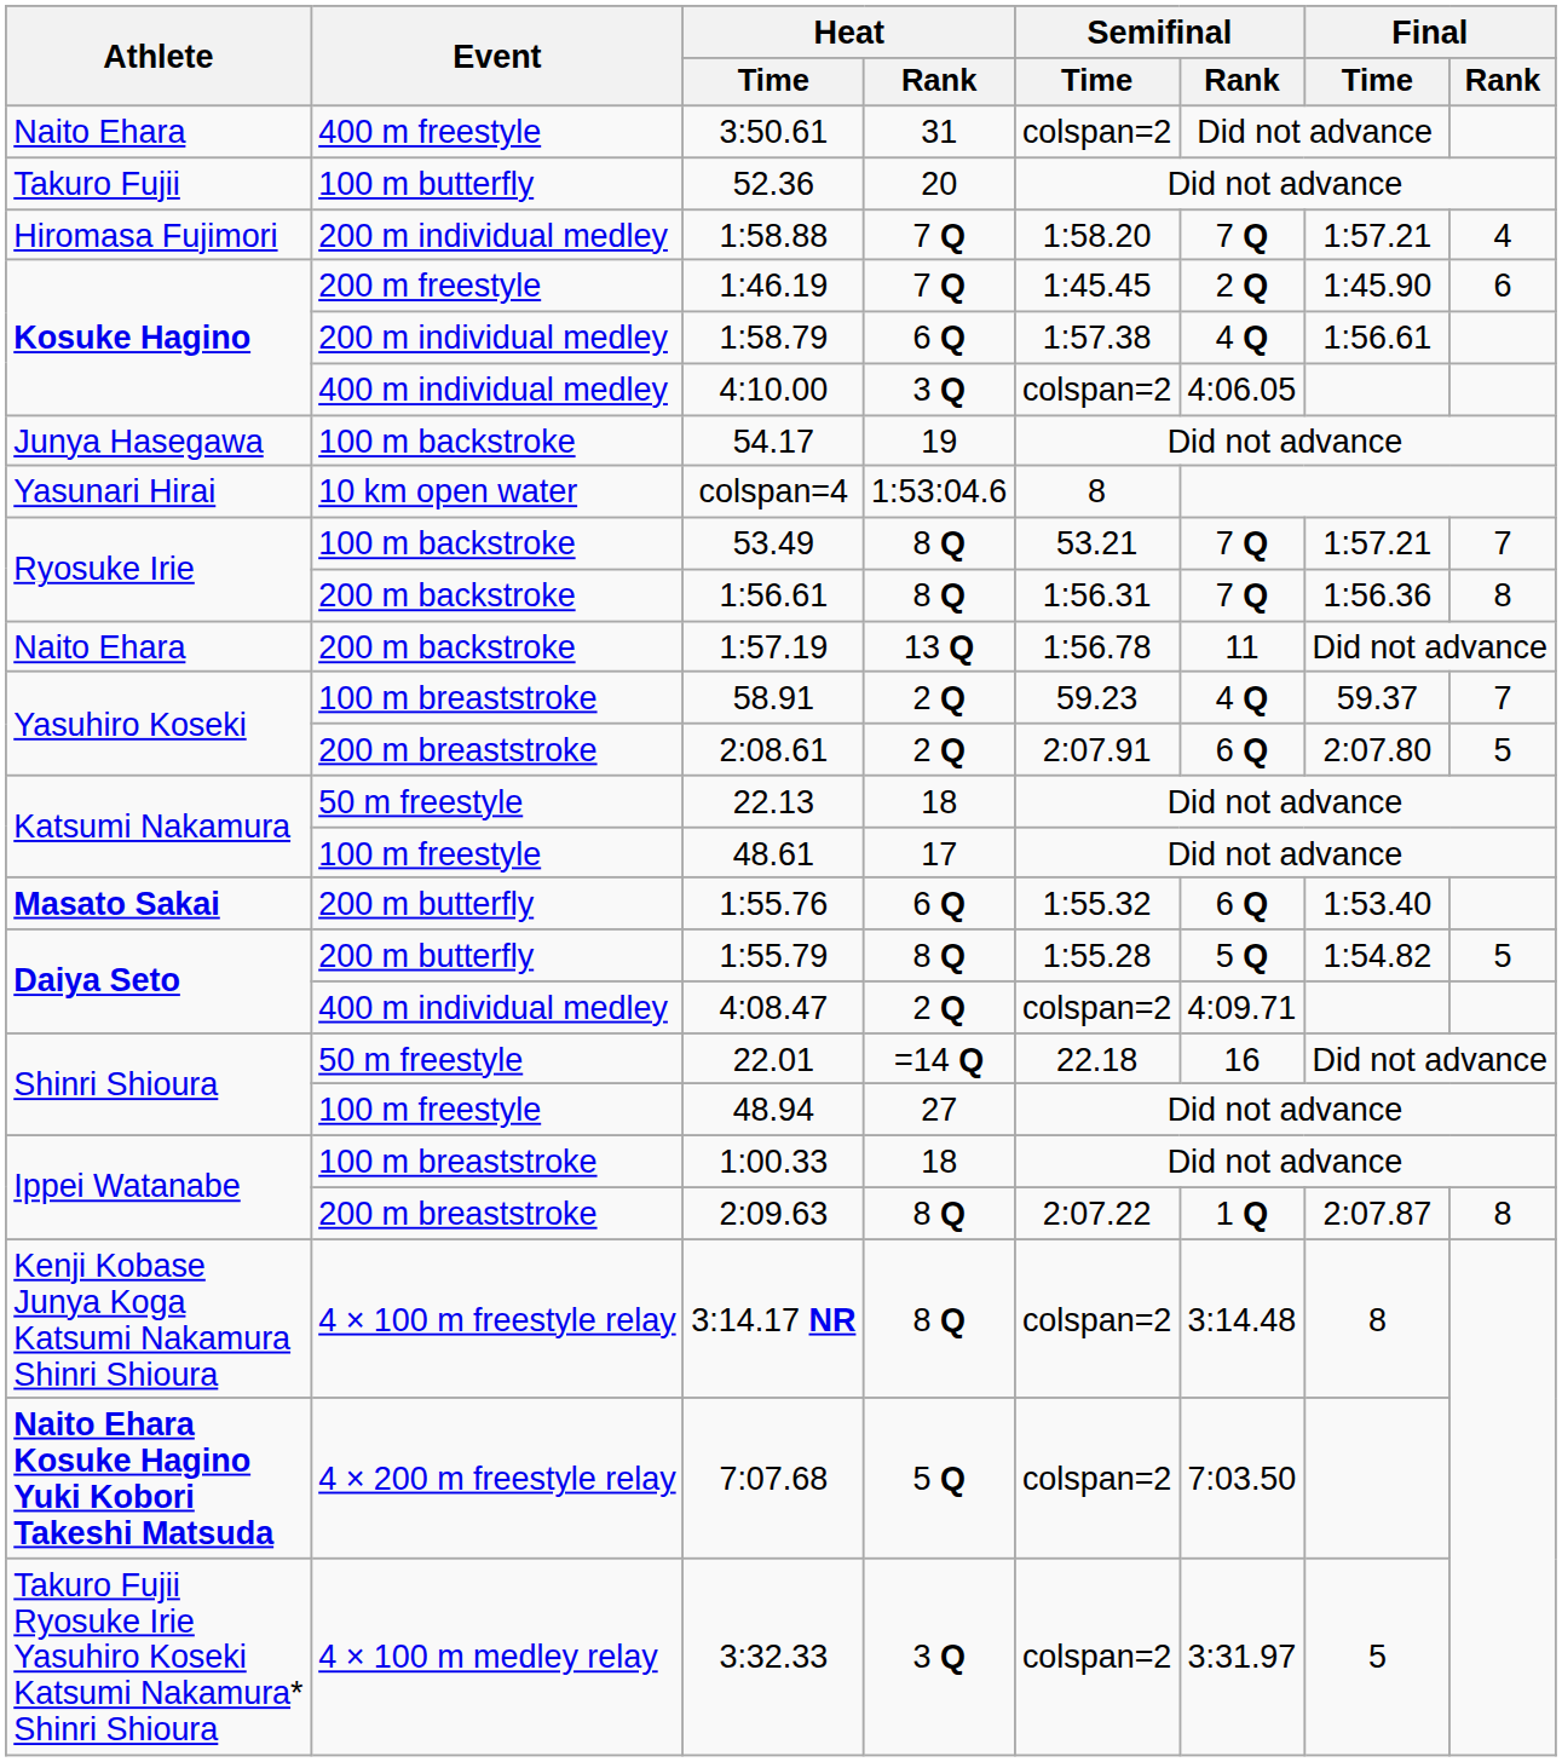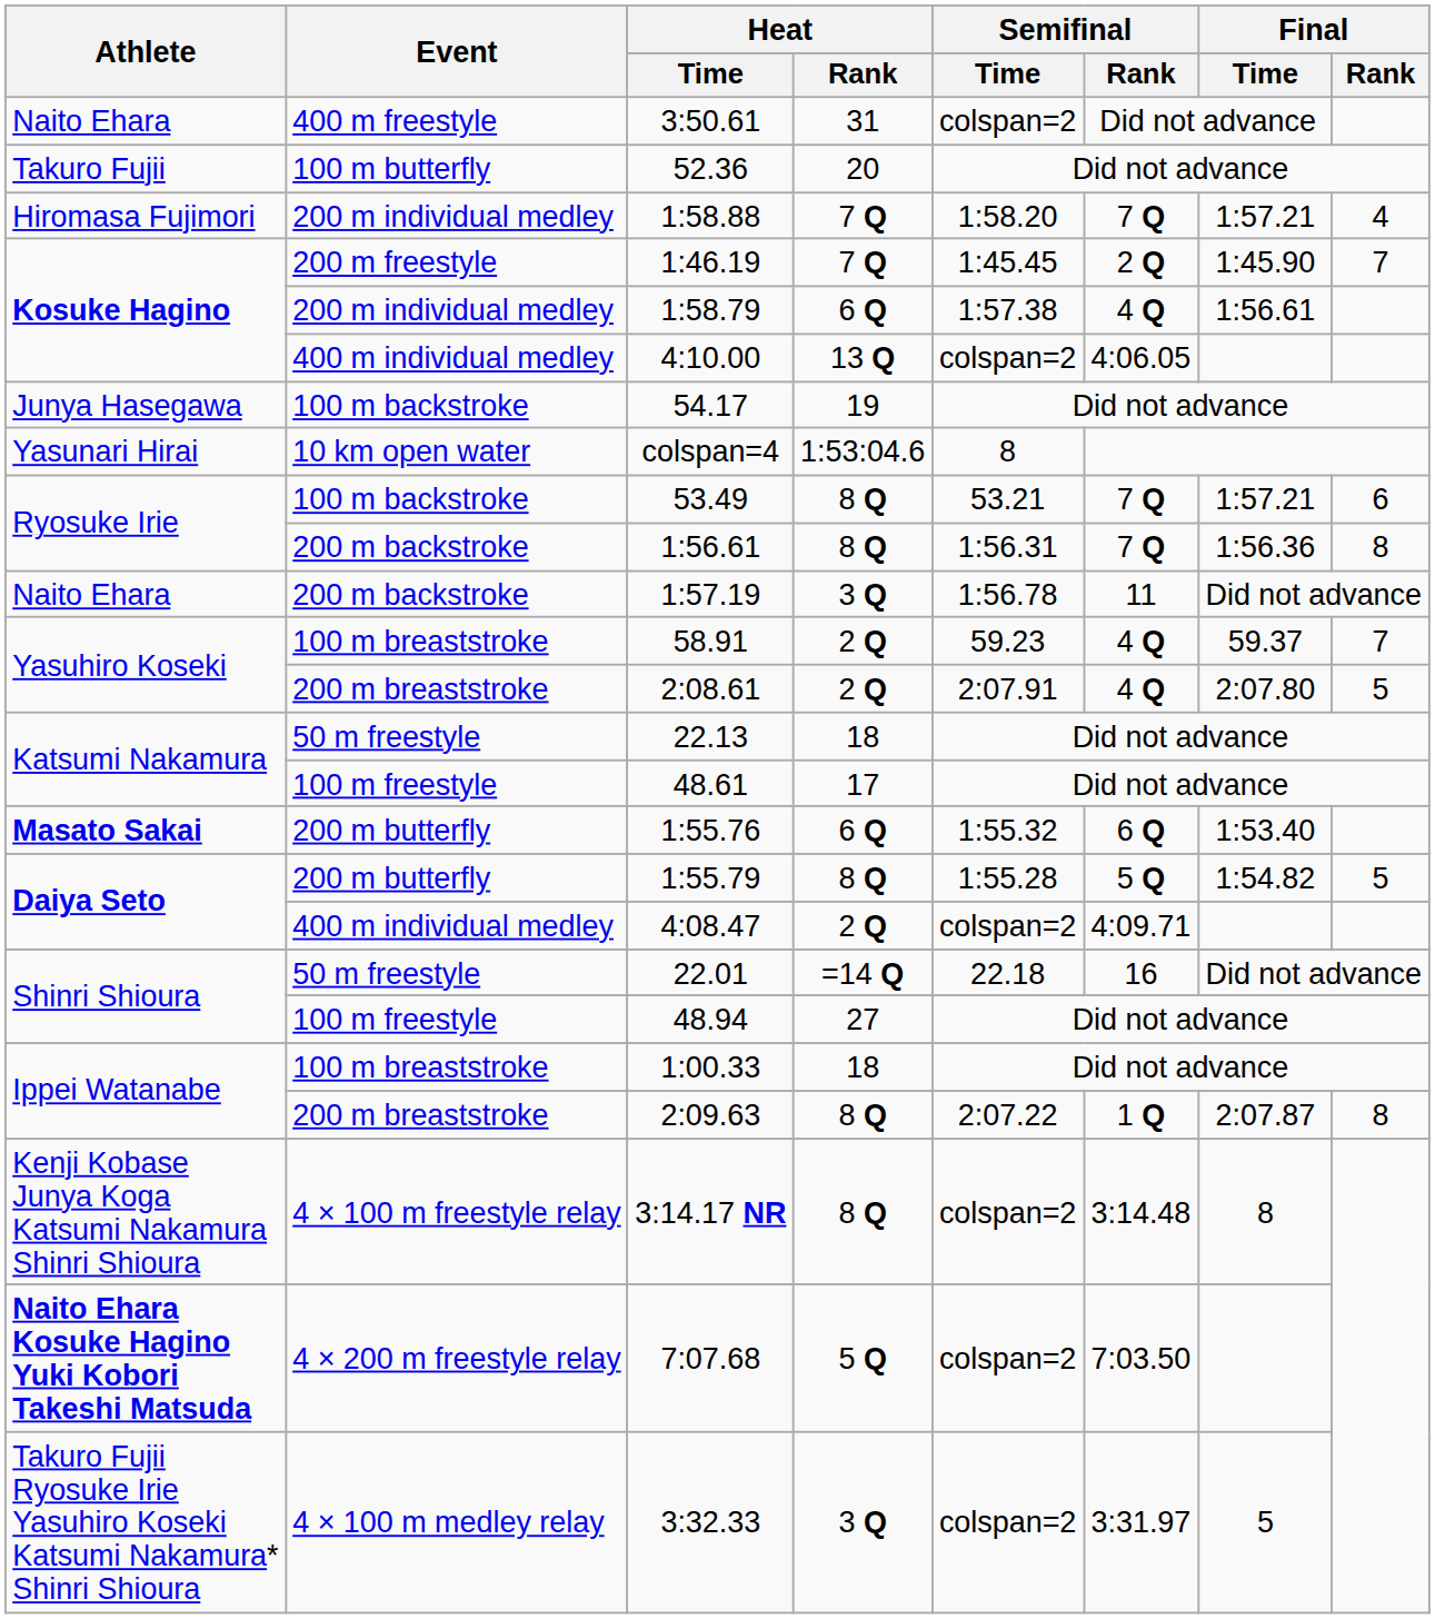 <table class=wikitable style="font-size:90%">
 <tr>
 <th rowspan="2">Athlete</th>
 <th rowspan="2">Event</th>
 <th colspan="2">Heat</th>
 <th colspan="2">Semifinal</th>
 <th colspan="2">Final</th>
 </tr>
 <tr style="font-size:95%">
 <th>Time</th>
 <th>Rank</th>
 <th>Time</th>
 <th>Rank</th>
 <th>Time</th>
 <th>Rank</th>
 </tr>
 <tr align=center>
 <td align=left><a href='#'>Naito Ehara</a></td>
 <td align=left><a href='#'>400 m freestyle</a></td>
 <td>3:50.61</td>
 <td>31</td>
 <td>colspan=2 </td>
 <td colspan=2>Did not advance</td>
 </tr>
 <tr align=center>
 <td align=left><a href='#'>Takuro Fujii</a></td>
 <td align=left><a href='#'>100 m butterfly</a></td>
 <td>52.36</td>
 <td>20</td>
 <td colspan=4>Did not advance</td>
 </tr>
 <tr align=center>
 <td align=left><a href='#'>Hiromasa Fujimori</a></td>
 <td align=left><a href='#'>200 m individual medley</a></td>
 <td>1:58.88</td>
 <td>7 <strong>Q</strong></td>
 <td>1:58.20</td>
 <td>7 <strong>Q</strong></td>
 <td>1:57.21</td>
 <td>4</td>
 </tr>
 <tr align=center>
 <td align=left rowspan=3><strong><a href='#'>Kosuke Hagino</a></strong></td>
 <td align=left><a href='#'>200 m freestyle</a></td>
 <td>1:46.19</td>
 <td>7 <strong>Q</strong></td>
 <td>1:45.45</td>
 <td>2 <strong>Q</strong></td>
 <td>1:45.90</td>
-<td>6</td>
+<td>7</td>
 </tr>
 <tr align=center>
 <td align=left><a href='#'>200 m individual medley</a></td>
 <td>1:58.79</td>
 <td>6 <strong>Q</strong></td>
 <td>1:57.38</td>
 <td>4 <strong>Q</strong></td>
 <td>1:56.61</td>
 <td></td>
 </tr>
 <tr align=center>
 <td align=left><a href='#'>400 m individual medley</a></td>
 <td>4:10.00</td>
-<td>3 <strong>Q</strong></td>
+<td>13 <strong>Q</strong></td>
 <td>colspan=2 </td>
 <td>4:06.05</td>
 <td></td>
 </tr>
 <tr align=center>
 <td align=left><a href='#'>Junya Hasegawa</a></td>
 <td align=left><a href='#'>100 m backstroke</a></td>
 <td>54.17</td>
 <td>19</td>
 <td colspan=4>Did not advance</td>
 </tr>
 <tr align=center>
 <td align=left><a href='#'>Yasunari Hirai</a></td>
 <td align=left><a href='#'>10 km open water</a></td>
 <td>colspan=4 </td>
 <td>1:53:04.6</td>
 <td>8</td>
 </tr>
 <tr align=center>
 <td align=left rowspan=2><a href='#'>Ryosuke Irie</a></td>
 <td align=left><a href='#'>100 m backstroke</a></td>
 <td>53.49</td>
 <td>8 <strong>Q</strong></td>
 <td>53.21</td>
 <td>7 <strong>Q</strong></td>
 <td>1:57.21</td>
-<td>7</td>
+<td>6</td>
 </tr>
 <tr align=center>
 <td align=left><a href='#'>200 m backstroke</a></td>
 <td>1:56.61</td>
 <td>8 <strong>Q</strong></td>
 <td>1:56.31</td>
 <td>7 <strong>Q</strong></td>
 <td>1:56.36</td>
 <td>8</td>
 </tr>
 <tr align=center>
 <td align=left><a href='#'>Naito Ehara</a></td>
 <td align=left><a href='#'>200 m backstroke</a></td>
 <td>1:57.19</td>
-<td>13 <strong>Q</strong></td>
+<td>3 <strong>Q</strong></td>
 <td>1:56.78</td>
 <td>11</td>
 <td colspan=2>Did not advance</td>
 </tr>
 <tr align=center>
 <td align=left rowspan=2><a href='#'>Yasuhiro Koseki</a></td>
 <td align=left><a href='#'>100 m breaststroke</a></td>
 <td>58.91</td>
 <td>2 <strong>Q</strong></td>
 <td>59.23</td>
 <td>4 <strong>Q</strong></td>
 <td>59.37</td>
 <td>7</td>
 </tr>
 <tr align=center>
 <td align=left><a href='#'>200 m breaststroke</a></td>
 <td>2:08.61</td>
 <td>2 <strong>Q</strong></td>
 <td>2:07.91</td>
-<td>6 <strong>Q</strong></td>
+<td>4 <strong>Q</strong></td>
 <td>2:07.80</td>
 <td>5</td>
 </tr>
 <tr align=center>
 <td align=left rowspan=2><a href='#'>Katsumi Nakamura</a></td>
 <td align=left><a href='#'>50 m freestyle</a></td>
 <td>22.13</td>
 <td>18</td>
 <td colspan=4>Did not advance</td>
 </tr>
 <tr align=center>
 <td align=left><a href='#'>100 m freestyle</a></td>
 <td>48.61</td>
 <td>17</td>
 <td colspan=4>Did not advance</td>
 </tr>
 <tr align=center>
 <td align=left><strong><a href='#'>Masato Sakai</a></strong></td>
 <td align=left><a href='#'>200 m butterfly</a></td>
 <td>1:55.76</td>
 <td>6 <strong>Q</strong></td>
 <td>1:55.32</td>
 <td>6 <strong>Q</strong></td>
 <td>1:53.40</td>
 <td></td>
 </tr>
 <tr align=center>
 <td align=left rowspan=2><strong><a href='#'>Daiya Seto</a></strong></td>
 <td align=left><a href='#'>200 m butterfly</a></td>
 <td>1:55.79</td>
 <td>8 <strong>Q</strong></td>
 <td>1:55.28</td>
 <td>5 <strong>Q</strong></td>
 <td>1:54.82</td>
 <td>5</td>
 </tr>
 <tr align=center>
 <td align=left><a href='#'>400 m individual medley</a></td>
 <td>4:08.47</td>
 <td>2 <strong>Q</strong></td>
 <td>colspan=2 </td>
 <td>4:09.71</td>
 <td></td>
 </tr>
 <tr align=center>
 <td align=left rowspan=2><a href='#'>Shinri Shioura</a></td>
 <td align=left><a href='#'>50 m freestyle</a></td>
 <td>22.01</td>
 <td>=14 <strong>Q</strong></td>
 <td>22.18</td>
 <td>16</td>
 <td colspan=2>Did not advance</td>
 </tr>
 <tr align=center>
 <td align=left><a href='#'>100 m freestyle</a></td>
 <td>48.94</td>
 <td>27</td>
 <td colspan=4>Did not advance</td>
 </tr>
 <tr align=center>
 <td align=left rowspan=2><a href='#'>Ippei Watanabe</a></td>
 <td align=left><a href='#'>100 m breaststroke</a></td>
 <td>1:00.33</td>
 <td>18</td>
 <td colspan=4>Did not advance</td>
 </tr>
 <tr align=center>
 <td align=left><a href='#'>200 m breaststroke</a></td>
 <td>2:09.63</td>
 <td>8 <strong>Q</strong></td>
 <td>2:07.22 </td>
 <td>1 <strong>Q</strong></td>
 <td>2:07.87</td>
 <td>8</td>
 </tr>
 <tr align=center>
 <td align=left><a href='#'>Kenji Kobase</a><br><a href='#'>Junya Koga</a><br><a href='#'>Katsumi Nakamura</a><br><a href='#'>Shinri Shioura</a></td>
 <td align=left><a href='#'>4 × 100 m freestyle relay</a></td>
 <td>3:14.17 <strong><a href='#'>NR</a></strong></td>
 <td>8 <strong>Q</strong></td>
 <td>colspan=2 </td>
 <td>3:14.48</td>
 <td>8</td>
 </tr>
 <tr align=center>
 <td align=left><strong><a href='#'>Naito Ehara</a><br><a href='#'>Kosuke Hagino</a><br><a href='#'>Yuki Kobori</a><br><a href='#'>Takeshi Matsuda</a></strong></td>
 <td align=left><a href='#'>4 × 200 m freestyle relay</a></td>
 <td>7:07.68</td>
 <td>5 <strong>Q</strong></td>
 <td>colspan=2 </td>
 <td>7:03.50</td>
 <td></td>
 </tr>
 <tr align=center>
 <td align=left><a href='#'>Takuro Fujii</a><br><a href='#'>Ryosuke Irie</a><br><a href='#'>Yasuhiro Koseki</a><br><a href='#'>Katsumi Nakamura</a>*<br><a href='#'>Shinri Shioura</a></td>
 <td align=left><a href='#'>4 × 100 m medley relay</a></td>
 <td>3:32.33</td>
 <td>3 <strong>Q</strong></td>
 <td>colspan=2 </td>
 <td>3:31.97</td>
 <td>5</td>
 </tr>
 </table>
